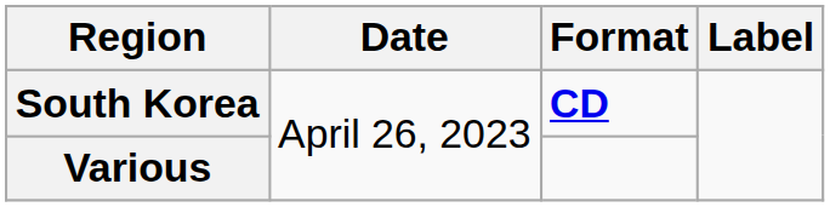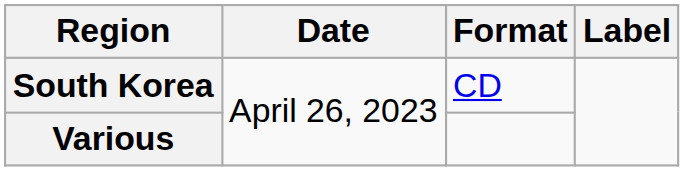 <table class="wikitable plainrowheaders">
 <tr>
 <th scope="col">Region</th>
 <th scope="col">Date</th>
 <th scope="col">Format</th>
 <th scope="col">Label</th>
 </tr>
 <tr>
 <th scope="row">South Korea</th>
 <td rowspan="2">April 26, 2023</td>
-<td><strong><a href='#'>CD</a></strong></td>
+<td><a href='#'>CD</a></td>
 <td rowspan="2"></td>
 </tr>
 <tr>
 <th scope="row">Various</th>
 <td></td>
 </tr>
 </table>
